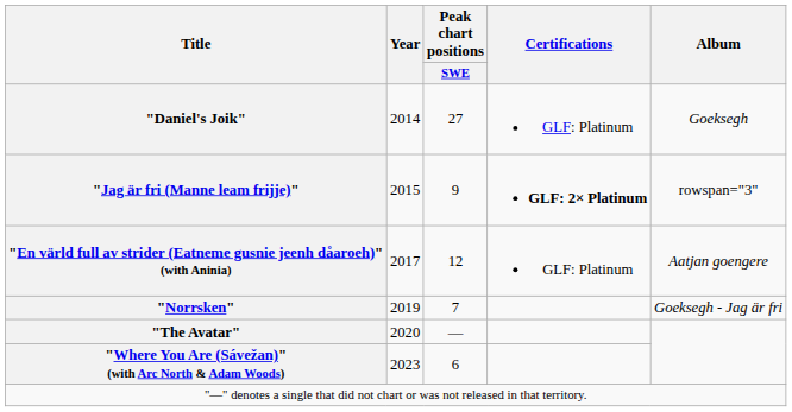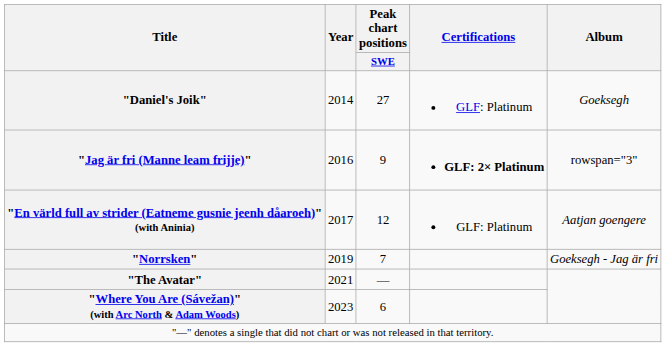 <table class="wikitable plainrowheaders" style="text-align:center;">
 <tr>
 <th scope="col" rowspan="2">Title</th>
 <th scope="col" rowspan="2">Year</th>
 <th scope="col" colspan="1">Peak chart positions</th>
 <th scope="col" rowspan="2"><a href='#'>Certifications</a></th>
 <th scope="col" rowspan="2">Album</th>
 </tr>
 <tr>
 <th scope="col" style="width:3em;font-size:85%;"><a href='#'>SWE</a><br></th>
 </tr>
 <tr>
 <th scope="row">"Daniel's Joik"</th>
 <td>2014</td>
 <td>27</td>
 <td><br><ul><li><a href='#'>GLF</a>: Platinum</li></ul></td>
 <td><em>Goeksegh</em></td>
 </tr>
 <tr>
 <th scope="row">"<a href='#'>Jag är fri (Manne leam frijje)</a>"</th>
-<td>2015</td>
+<td>2016</td>
 <td>9</td>
 <td><strong><br><ul><li>GLF: 2× Platinum</li></ul></strong></td>
 <td>rowspan="3" </td>
 </tr>
 <tr>
 <th scope="row">"<a href='#'>En värld full av strider (Eatneme gusnie jeenh dåaroeh)</a>"<br><small>(with Aninia)</small></th>
 <td>2017</td>
 <td>12<br></td>
 <td><br><ul><li>GLF: Platinum</li></ul></td>
 <td><em>Aatjan goengere</em></td>
 </tr>
 <tr>
 <th scope="row">"<a href='#'>Norrsken</a>"</th>
 <td>2019</td>
 <td>7<br></td>
 <td></td>
 <td><em>Goeksegh - Jag är fri</em></td>
 </tr>
 <tr>
 <th scope="row">"The Avatar"</th>
-<td>2020</td>
+<td>2021</td>
 <td>—</td>
 <td></td>
 </tr>
 <tr>
 <th scope="row">"<a href='#'>Where You Are (Sávežan)</a>"<br><small>(with <a href='#'>Arc North</a> & <a href='#'>Adam Woods</a>)</small></th>
 <td>2023</td>
 <td>6<br></td>
 <td></td>
 </tr>
 <tr>
 <td colspan="10" style="font-size:85%">"—" denotes a single that did not chart or was not released in that territory.</td>
 </tr>
 </table>
